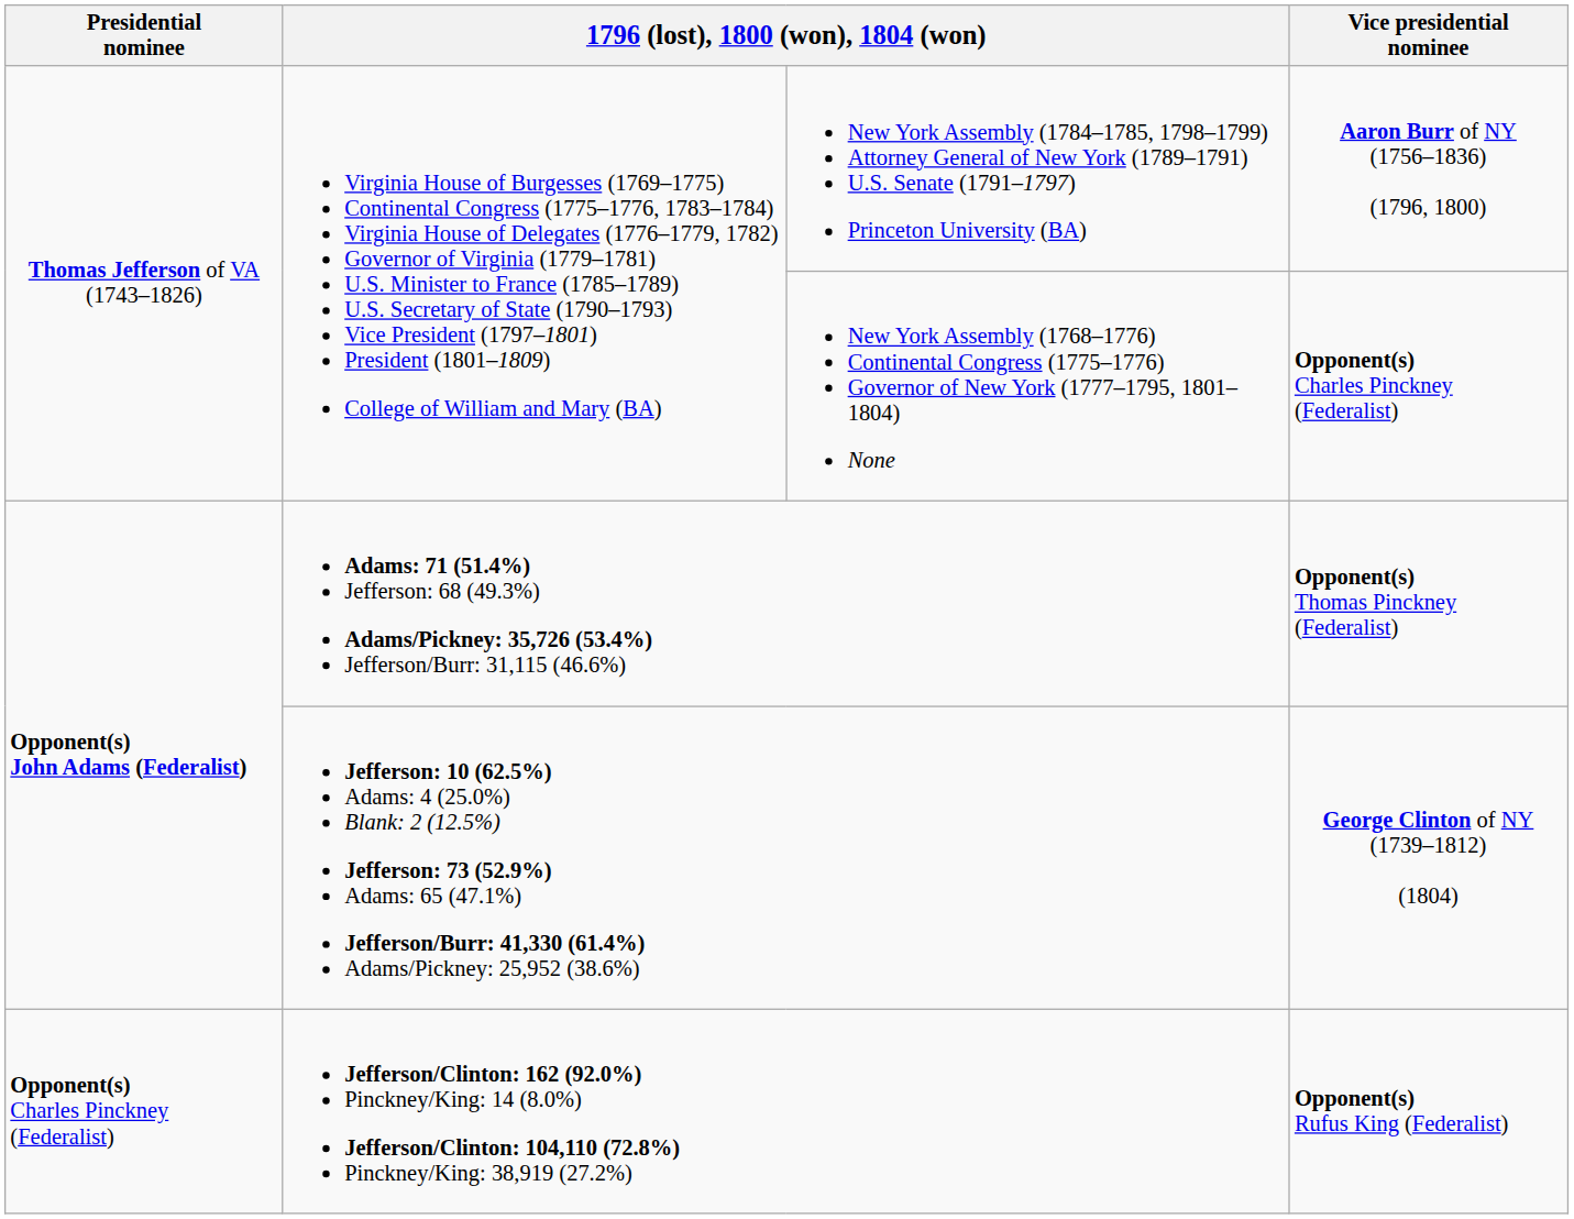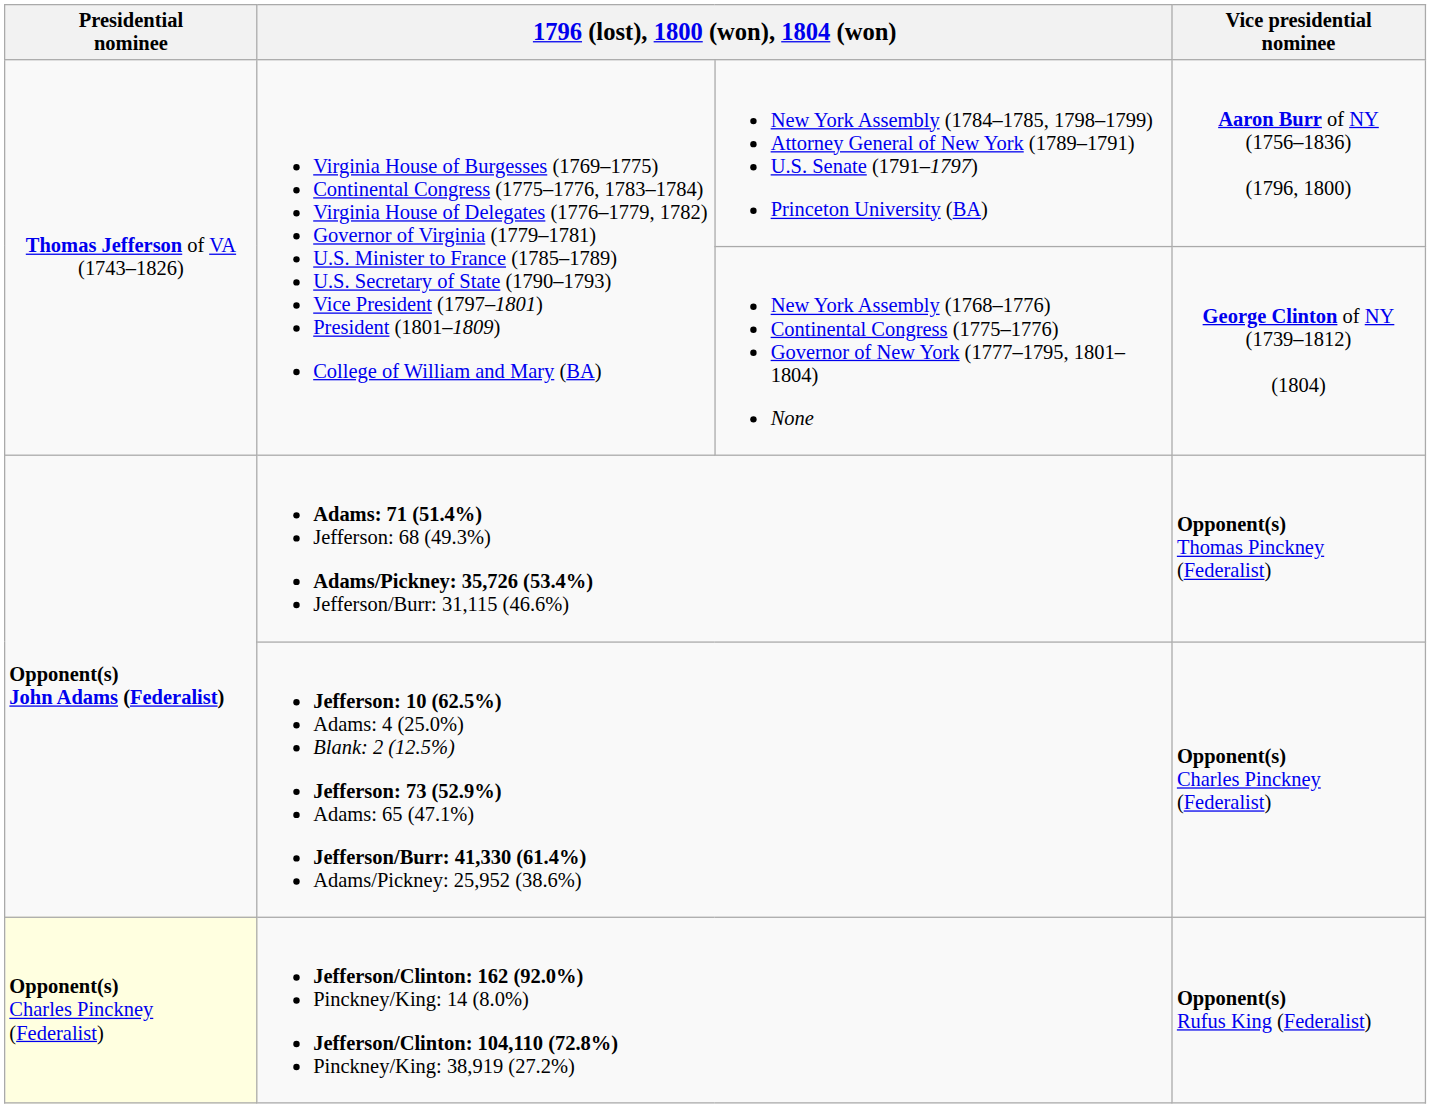 <table class="wikitable">
 <tr>
 <th width=190>Presidential<br>nominee</th>
 <th colspan=2><big><a href='#'>1796</a> (lost), <a href='#'>1800</a> (won), <a href='#'>1804</a> (won)</big></th>
 <th width=190>Vice presidential<br>nominee</th>
 </tr>
 <tr>
 <td rowspan=2 style="text-align:center;"><strong><a href='#'>Thomas Jefferson</a></strong> of <a href='#'>VA</a><br>(1743–1826)<br></td>
 <td rowspan=2 width=350><br><ul><li><a href='#'>Virginia House of Burgesses</a> (1769–1775)</li><li><a href='#'>Continental Congress</a> (1775–1776, 1783–1784)</li><li><a href='#'>Virginia House of Delegates</a> (1776–1779, 1782)</li><li><a href='#'>Governor of Virginia</a> (1779–1781)</li><li><a href='#'>U.S. Minister to France</a> (1785–1789)</li><li><a href='#'>U.S. Secretary of State</a> (1790–1793)</li><li><a href='#'>Vice President</a> (1797–<em>1801</em>)</li><li><a href='#'>President</a> (1801–<em>1809</em>)</li></ul><ul><li><a href='#'>College of William and Mary</a> (<a href='#'>BA</a>)</li></ul></td>
 <td width=350><br><ul><li><a href='#'>New York Assembly</a> (1784–1785, 1798–1799)</li><li><a href='#'>Attorney General of New York</a> (1789–1791)</li><li><a href='#'>U.S. Senate</a> (1791–<em>1797</em>)</li></ul><ul><li><a href='#'>Princeton University</a> (<a href='#'>BA</a>)</li></ul></td>
 <td style="text-align:center;"><strong><a href='#'>Aaron Burr</a></strong> of <a href='#'>NY</a><br>(1756–1836)<br><br>(1796, 1800)</td>
 </tr>
 <tr>
 <td><br><ul><li><a href='#'>New York Assembly</a> (1768–1776)</li><li><a href='#'>Continental Congress</a> (1775–1776)</li><li><a href='#'>Governor of New York</a> (1777–1795, 1801–1804)</li></ul><ul><li><em>None</em></li></ul></td>
-<td><strong>Opponent(s)</strong><br><a href='#'>Charles Pinckney</a> (<a href='#'>Federalist</a>)</td>
+<td style="text-align:center;"><strong><a href='#'>George Clinton</a></strong> of <a href='#'>NY</a><br>(1739–1812)<br><br>(1804)</td>
 </tr>
 <tr>
 <td rowspan=2><strong>Opponent(s)</strong><br><strong><a href='#'>John Adams</a> (<a href='#'>Federalist</a>)</strong></td>
 <td colspan=2><br><ul><li><strong>Adams: 71 (51.4%)</strong></li><li>Jefferson: 68 (49.3%)</li></ul><ul><li><strong>Adams/Pickney: 35,726 (53.4%)</strong></li><li>Jefferson/Burr: 31,115 (46.6%)</li></ul></td>
 <td><strong>Opponent(s)</strong><br><a href='#'>Thomas Pinckney</a> (<a href='#'>Federalist</a>)</td>
 </tr>
 <tr>
 <td colspan=2><br><ul><li><strong>Jefferson: 10 (62.5%)</strong></li><li>Adams: 4 (25.0%)</li><li><em>Blank: 2 (12.5%)</em></li></ul><ul><li><strong>Jefferson: 73 (52.9%)</strong></li><li>Adams: 65 (47.1%)</li></ul><ul><li><strong>Jefferson/Burr: 41,330 (61.4%)</strong></li><li>Adams/Pickney: 25,952 (38.6%)</li></ul></td>
-<td style="text-align:center;"><strong><a href='#'>George Clinton</a></strong> of <a href='#'>NY</a><br>(1739–1812)<br><br>(1804)</td>
+<td><strong>Opponent(s)</strong><br><a href='#'>Charles Pinckney</a> (<a href='#'>Federalist</a>)</td>
 </tr>
 <tr>
-<td><strong>Opponent(s)</strong><br><a href='#'>Charles Pinckney</a> (<a href='#'>Federalist</a>)</td>
+<td style="background: lightyellow;"><strong>Opponent(s)</strong><br><a href='#'>Charles Pinckney</a> (<a href='#'>Federalist</a>)</td>
 <td colspan=2><br><ul><li><strong>Jefferson/Clinton: 162 (92.0%)</strong></li><li>Pinckney/King: 14 (8.0%)</li></ul><ul><li><strong>Jefferson/Clinton: 104,110 (72.8%)</strong></li><li>Pinckney/King: 38,919 (27.2%)</li></ul></td>
 <td><strong>Opponent(s)</strong><br><a href='#'>Rufus King</a> (<a href='#'>Federalist</a>)</td>
 </tr>
 </table>
